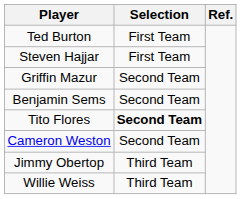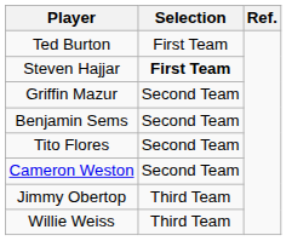 <table class="wikitable sortable sortable" style="text-align: center">
 <tr align=center>
 <th>Player</th>
 <th>Selection</th>
 <th>Ref.</th>
 </tr>
 <tr>
 <td>Ted Burton</td>
 <td>First Team</td>
 <td rowspan="8"></td>
 </tr>
 <tr>
 <td>Steven Hajjar</td>
-<td>First Team</td>
+<td><strong>First Team</strong></td>
 </tr>
 <tr>
 <td>Griffin Mazur</td>
 <td>Second Team</td>
 </tr>
 <tr>
 <td>Benjamin Sems</td>
 <td>Second Team</td>
 </tr>
 <tr>
 <td>Tito Flores</td>
-<td><strong>Second Team</strong></td>
+<td>Second Team</td>
 </tr>
 <tr>
 <td><a href='#'>Cameron Weston</a></td>
 <td>Second Team</td>
 </tr>
 <tr>
 <td>Jimmy Obertop</td>
 <td>Third Team</td>
 </tr>
 <tr>
 <td>Willie Weiss</td>
 <td>Third Team</td>
 </tr>
 </table>
